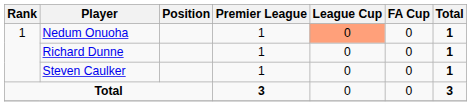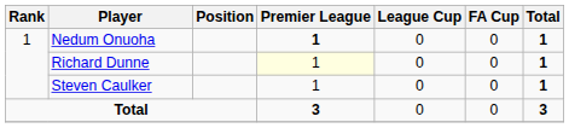 <table class="wikitable">
 <tr>
 <th>Rank</th>
 <th style="width:150px;">Player</th>
 <th>Position</th>
 <th>Premier League</th>
 <th>League Cup</th>
 <th>FA Cup</th>
 <th>Total</th>
 </tr>
 <tr>
 <td rowspan=3 valign=top align=center>1</td>
 <td> <a href='#'>Nedum Onuoha</a></td>
 <td align=center></td>
-<td align=center>1</td>
-<td align=center style="background: lightsalmon;">0</td>
+<td align=center><strong>1</strong></td>
+<td align=center>0</td>
 <td align=center>0</td>
 <td align=center><strong>1</strong></td>
 </tr>
 <tr>
 <td> <a href='#'>Richard Dunne</a></td>
 <td align=center></td>
-<td align=center>1</td>
+<td align=center style="background: lightyellow;">1</td>
 <td align=center>0</td>
 <td align=center>0</td>
 <td align=center><strong>1</strong></td>
 </tr>
 <tr>
 <td> <a href='#'>Steven Caulker</a></td>
 <td align=center></td>
 <td align=center>1</td>
 <td align=center>0</td>
 <td align=center>0</td>
 <td align=center><strong>1</strong></td>
 </tr>
 <tr>
 <td colspan=3 align=center><strong>Total</strong></td>
 <td align=center><strong>3</strong></td>
 <td align=center>0</td>
 <td align=center>0</td>
 <td align=center><strong>3</strong></td>
 </tr>
 <tr>
 </tr>
 </table>
